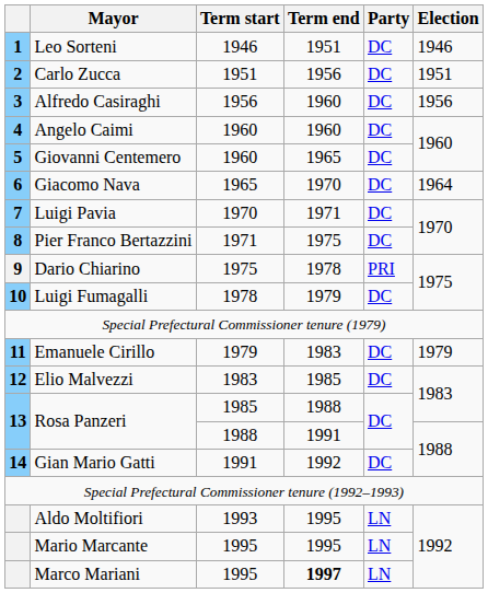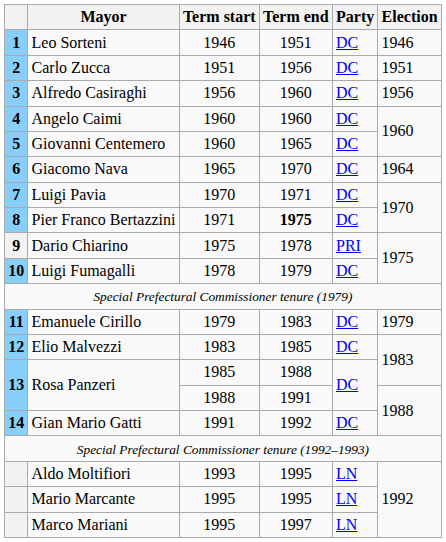 <table class="wikitable">
 <tr>
 <th class=unsortable> </th>
 <th>Mayor</th>
 <th>Term start</th>
 <th>Term end</th>
 <th>Party</th>
 <th>Election</th>
 </tr>
 <tr>
 <th style="background:#87CEFA;">1</th>
 <td>Leo Sorteni</td>
 <td align=center>1946</td>
 <td align=center>1951</td>
 <td><a href='#'>DC</a></td>
 <td>1946</td>
 </tr>
 <tr>
 <th style="background:#87CEFA;">2</th>
 <td>Carlo Zucca</td>
 <td align=center>1951</td>
 <td align=center>1956</td>
 <td><a href='#'>DC</a></td>
 <td>1951</td>
 </tr>
 <tr>
 <th style="background:#87CEFA;">3</th>
 <td>Alfredo Casiraghi</td>
 <td align=center>1956</td>
 <td align=center>1960</td>
 <td><a href='#'>DC</a></td>
 <td>1956</td>
 </tr>
 <tr>
 <th style="background:#87CEFA;">4</th>
 <td>Angelo Caimi</td>
 <td align=center>1960</td>
 <td align=center>1960</td>
 <td><a href='#'>DC</a></td>
 <td rowspan=2>1960</td>
 </tr>
 <tr>
 <th style="background:#87CEFA;">5</th>
 <td>Giovanni Centemero</td>
 <td align=center>1960</td>
 <td align=center>1965</td>
 <td><a href='#'>DC</a></td>
 </tr>
 <tr>
 <th style="background:#87CEFA;">6</th>
 <td>Giacomo Nava</td>
 <td align=center>1965</td>
 <td align=center>1970</td>
 <td><a href='#'>DC</a></td>
 <td>1964</td>
 </tr>
 <tr>
 <th style="background:#87CEFA;">7</th>
 <td>Luigi Pavia</td>
 <td align=center>1970</td>
 <td align=center>1971</td>
 <td><a href='#'>DC</a></td>
 <td rowspan=2>1970</td>
 </tr>
 <tr>
 <th style="background:#87CEFA;">8</th>
 <td>Pier Franco Bertazzini</td>
 <td align=center>1971</td>
-<td align=center>1975</td>
+<td align=center><strong>1975</strong></td>
 <td><a href='#'>DC</a></td>
 </tr>
 <tr>
 <th style="background:">9</th>
 <td>Dario Chiarino</td>
 <td align=center>1975</td>
 <td align=center>1978</td>
 <td><a href='#'>PRI</a></td>
 <td rowspan=2>1975</td>
 </tr>
 <tr>
 <th style="background:#87CEFA;">10</th>
 <td>Luigi Fumagalli</td>
 <td align=center>1978</td>
 <td align=center>1979</td>
 <td><a href='#'>DC</a></td>
 </tr>
 <tr>
 <td colspan=6 align=center><small><em>Special Prefectural Commissioner tenure (1979)</em></small></td>
 </tr>
 <tr>
 <th style="background:#87CEFA;">11</th>
 <td>Emanuele Cirillo</td>
 <td align=center>1979</td>
 <td align=center>1983</td>
 <td><a href='#'>DC</a></td>
 <td>1979</td>
 </tr>
 <tr>
 <th style="background:#87CEFA;">12</th>
 <td>Elio Malvezzi</td>
 <td align=center>1983</td>
 <td align=center>1985</td>
 <td><a href='#'>DC</a></td>
 <td rowspan=2>1983</td>
 </tr>
 <tr>
 <th rowspan=2 style="background:#87CEFA;">13</th>
 <td rowspan=2>Rosa Panzeri</td>
 <td align=center>1985</td>
 <td align=center>1988</td>
 <td rowspan=2><a href='#'>DC</a></td>
 </tr>
 <tr>
 <td align=center>1988</td>
 <td align=center>1991</td>
 <td rowspan=2>1988</td>
 </tr>
 <tr>
 <th style="background:#87CEFA;">14</th>
 <td>Gian Mario Gatti</td>
 <td align=center>1991</td>
 <td align=center>1992</td>
 <td><a href='#'>DC</a></td>
 </tr>
 <tr>
 <td colspan=6 align=center><small><em>Special Prefectural Commissioner tenure (1992–1993)</em></small></td>
 </tr>
 <tr>
 <th style="background:"></th>
 <td>Aldo Moltifiori</td>
 <td align=center>1993</td>
 <td align=center>1995</td>
 <td><a href='#'>LN</a></td>
 <td rowspan=3>1992</td>
 </tr>
 <tr>
 <th style="background:"></th>
 <td>Mario Marcante</td>
 <td align=center>1995</td>
 <td align=center>1995</td>
 <td><a href='#'>LN</a></td>
 </tr>
 <tr>
 <th style="background:"></th>
 <td>Marco Mariani</td>
 <td align=center>1995</td>
-<td align=center><strong>1997</strong></td>
+<td align=center>1997</td>
 <td><a href='#'>LN</a></td>
 </tr>
 </table>
